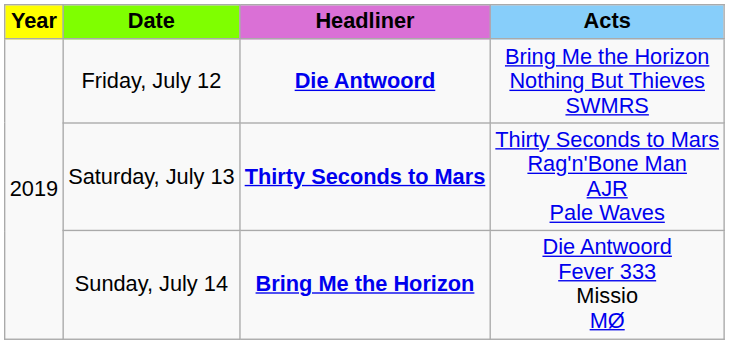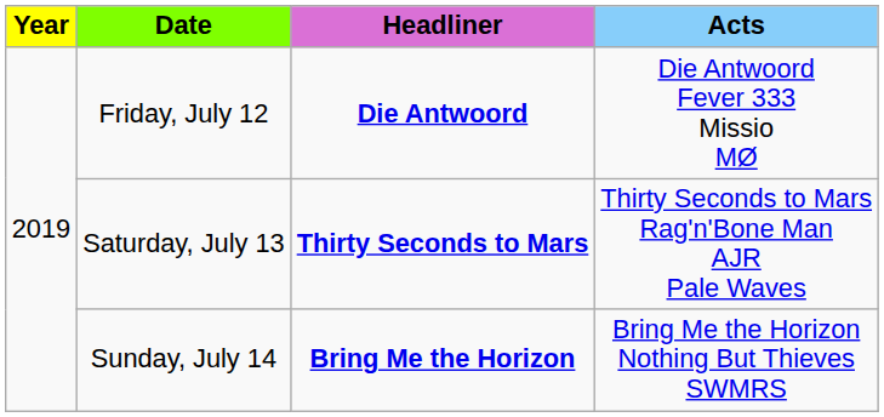 <table class="wikitable">
 <tr>
 <th style="background:#FFFF00">Year</th>
 <th style="background:#7FFF00">Date</th>
 <th style="background:#DA70D6">Headliner</th>
 <th style="background:#87CEFA">Acts</th>
 </tr>
 <tr align="center">
 <td rowspan="3">2019</td>
 <td>Friday, July 12</td>
 <td><strong><a href='#'>Die Antwoord</a></strong></td>
-<td><a href='#'>Bring Me the Horizon</a> <br><a href='#'>Nothing But Thieves</a> <br><a href='#'>SWMRS</a></td>
+<td><a href='#'>Die Antwoord</a><br><a href='#'>Fever 333</a><br>Missio<br><a href='#'>MØ</a></td>
 </tr>
 <tr align="center">
 <td>Saturday, July 13</td>
 <td><strong><a href='#'>Thirty Seconds to Mars</a></strong></td>
 <td><a href='#'>Thirty Seconds to Mars</a> <br><a href='#'>Rag'n'Bone Man</a> <br><a href='#'>AJR</a><br><a href='#'>Pale Waves</a></td>
 </tr>
 <tr align="center">
 <td>Sunday, July 14</td>
 <td><strong><a href='#'>Bring Me the Horizon</a></strong></td>
-<td><a href='#'>Die Antwoord</a><br><a href='#'>Fever 333</a><br>Missio<br><a href='#'>MØ</a></td>
+<td><a href='#'>Bring Me the Horizon</a> <br><a href='#'>Nothing But Thieves</a> <br><a href='#'>SWMRS</a></td>
 </tr>
 </table>
